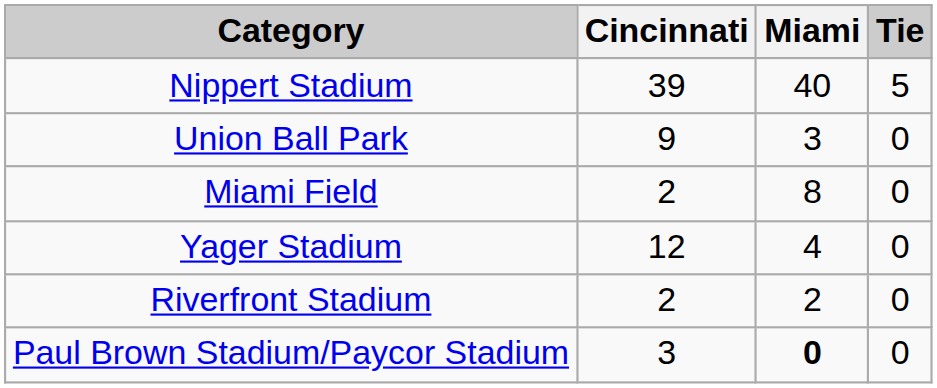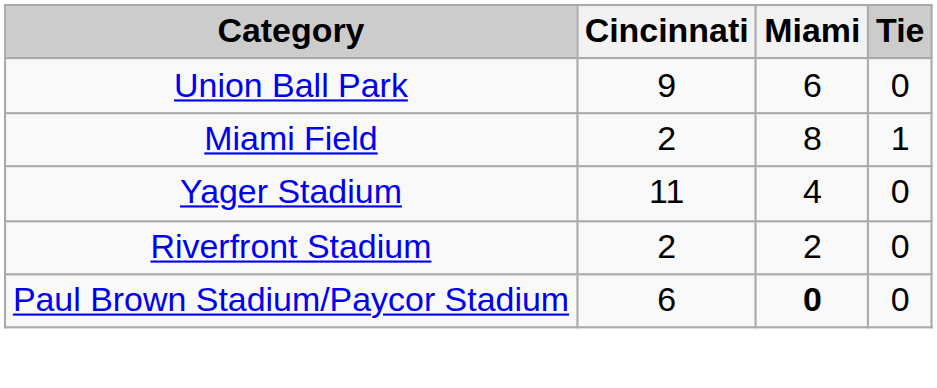 <table class="wikitable">
 <tr>
 <th style="background:#CCCCCC; text-align:center"><strong>Category</strong></th>
 <th><strong>Cincinnati</strong></th>
 <th><strong>Miami</strong></th>
 <th style="background:#CCCCCC; text-align:center">Tie</th>
 </tr>
 <tr>
-<td align=center><a href='#'>Nippert Stadium</a></td>
-<td align=center>39</td>
-<td align="center">40</td>
-<td align="center">5</td>
-</tr>
-<tr>
 <td align=center><a href='#'>Union Ball Park</a></td>
 <td align=center>9</td>
-<td align=center>3</td>
+<td align=center>6</td>
 <td align=center>0</td>
 </tr>
 <tr>
 <td align=center><a href='#'>Miami Field</a></td>
 <td align=center>2</td>
 <td align="center">8</td>
-<td align="center">0</td>
+<td align="center">1</td>
 </tr>
 <tr>
 <td align=center><a href='#'>Yager Stadium</a></td>
-<td align=center>12</td>
+<td align=center>11</td>
 <td align=center>4</td>
 <td align=center>0</td>
 </tr>
 <tr>
 <td align=center><a href='#'>Riverfront Stadium</a></td>
 <td align=center>2</td>
 <td align=center>2</td>
 <td align=center>0</td>
 </tr>
 <tr>
 <td align=center><a href='#'>Paul Brown Stadium/Paycor Stadium</a></td>
-<td align="center">3</td>
+<td align="center">6</td>
 <td align=center><strong>0</strong></td>
 <td align=center>0</td>
 </tr>
 </table>
